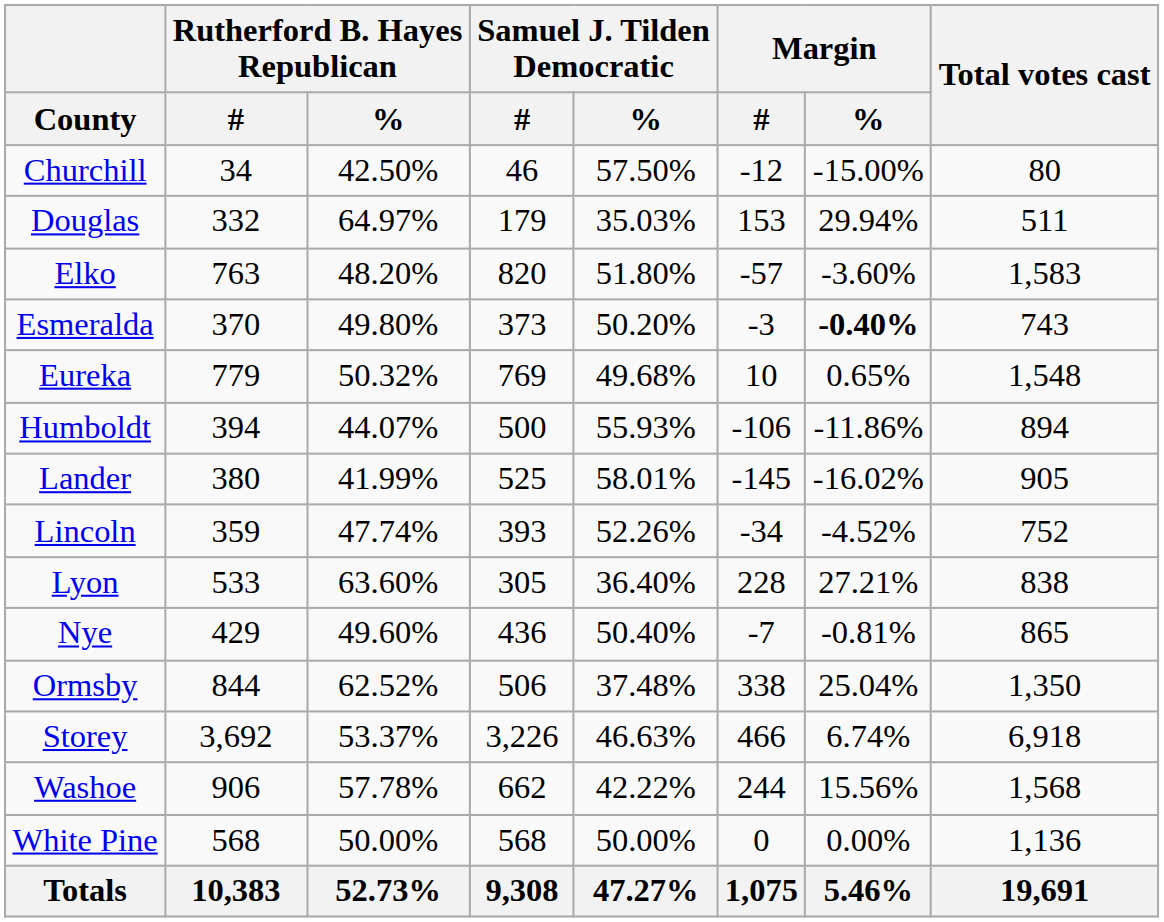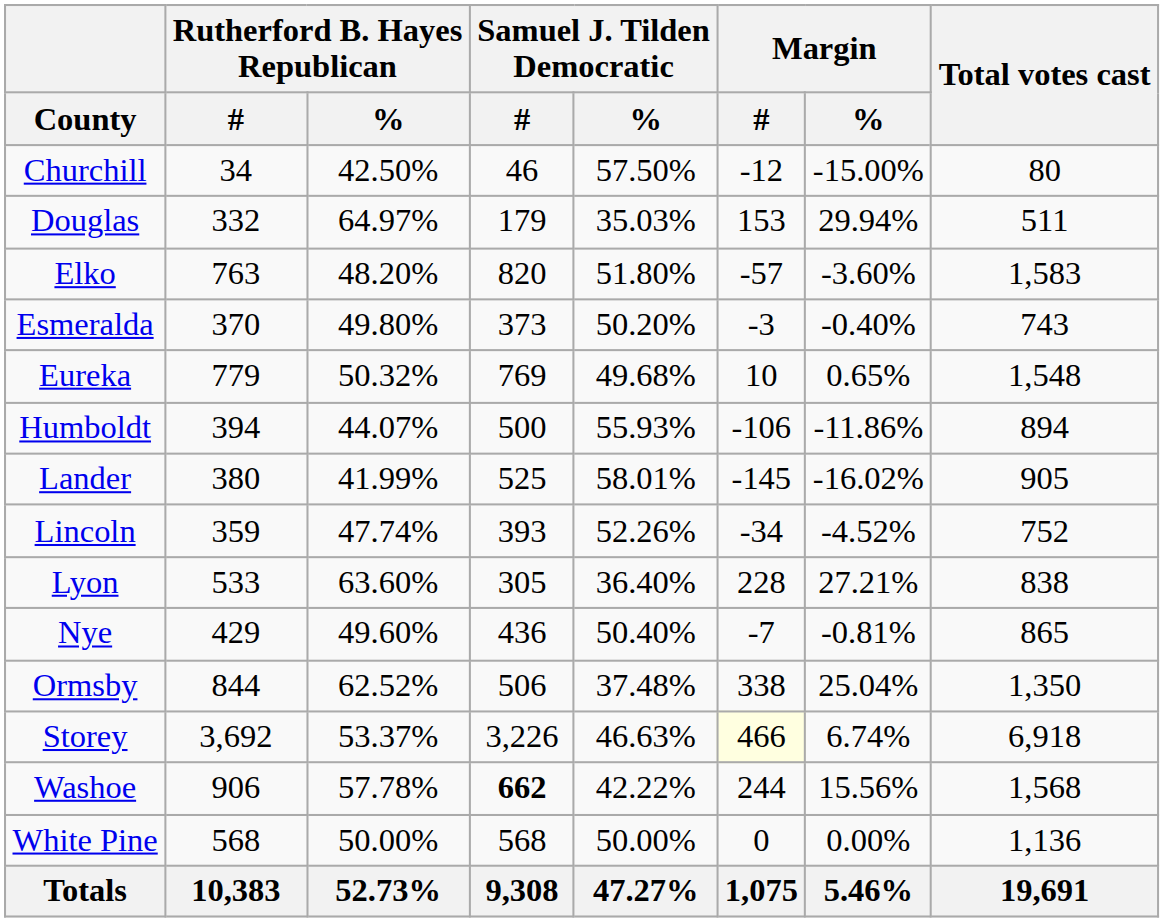 <table class="wikitable sortable" style="text-align:center">
 <tr>
 <th colspan=1></th>
 <th style="text-align:center;" colspan="2">Rutherford B. Hayes<br>Republican</th>
 <th style="text-align:center;" colspan="2">Samuel J. Tilden<br>Democratic</th>
 <th style="text-align:center;" colspan="2">Margin</th>
 <th style="text-align:center;" rowspan="2">Total votes cast</th>
 </tr>
 <tr>
 <th align=center>County</th>
 <th style="text-align:center;" data-sort-type="number">#</th>
 <th style="text-align:center;" data-sort-type="number">%</th>
 <th style="text-align:center;" data-sort-type="number">#</th>
 <th style="text-align:center;" data-sort-type="number">%</th>
 <th style="text-align:center;" data-sort-type="number">#</th>
 <th style="text-align:center;" data-sort-type="number">%</th>
 </tr>
 <tr style="text-align:center;">
 <td><a href='#'>Churchill</a></td>
 <td>34</td>
 <td>42.50%</td>
 <td>46</td>
 <td>57.50%</td>
 <td>-12</td>
 <td>-15.00%</td>
 <td>80</td>
 </tr>
 <tr style="text-align:center;">
 <td><a href='#'>Douglas</a></td>
 <td>332</td>
 <td>64.97%</td>
 <td>179</td>
 <td>35.03%</td>
 <td>153</td>
 <td>29.94%</td>
 <td>511</td>
 </tr>
 <tr style="text-align:center;">
 <td><a href='#'>Elko</a></td>
 <td>763</td>
 <td>48.20%</td>
 <td>820</td>
 <td>51.80%</td>
 <td>-57</td>
 <td>-3.60%</td>
 <td>1,583</td>
 </tr>
 <tr style="text-align:center;">
 <td><a href='#'>Esmeralda</a></td>
 <td>370</td>
 <td>49.80%</td>
 <td>373</td>
 <td>50.20%</td>
 <td>-3</td>
-<td><strong>-0.40%</strong></td>
+<td>-0.40%</td>
 <td>743</td>
 </tr>
 <tr style="text-align:center;">
 <td><a href='#'>Eureka</a></td>
 <td>779</td>
 <td>50.32%</td>
 <td>769</td>
 <td>49.68%</td>
 <td>10</td>
 <td>0.65%</td>
 <td>1,548</td>
 </tr>
 <tr style="text-align:center;">
 <td><a href='#'>Humboldt</a></td>
 <td>394</td>
 <td>44.07%</td>
 <td>500</td>
 <td>55.93%</td>
 <td>-106</td>
 <td>-11.86%</td>
 <td>894</td>
 </tr>
 <tr style="text-align:center;">
 <td><a href='#'>Lander</a></td>
 <td>380</td>
 <td>41.99%</td>
 <td>525</td>
 <td>58.01%</td>
 <td>-145</td>
 <td>-16.02%</td>
 <td>905</td>
 </tr>
 <tr style="text-align:center;">
 <td><a href='#'>Lincoln</a></td>
 <td>359</td>
 <td>47.74%</td>
 <td>393</td>
 <td>52.26%</td>
 <td>-34</td>
 <td>-4.52%</td>
 <td>752</td>
 </tr>
 <tr style="text-align:center;">
 <td><a href='#'>Lyon</a></td>
 <td>533</td>
 <td>63.60%</td>
 <td>305</td>
 <td>36.40%</td>
 <td>228</td>
 <td>27.21%</td>
 <td>838</td>
 </tr>
 <tr style="text-align:center;">
 <td><a href='#'>Nye</a></td>
 <td>429</td>
 <td>49.60%</td>
 <td>436</td>
 <td>50.40%</td>
 <td>-7</td>
 <td>-0.81%</td>
 <td>865</td>
 </tr>
 <tr style="text-align:center;">
 <td><a href='#'>Ormsby</a></td>
 <td>844</td>
 <td>62.52%</td>
 <td>506</td>
 <td>37.48%</td>
 <td>338</td>
 <td>25.04%</td>
 <td>1,350</td>
 </tr>
 <tr style="text-align:center;">
 <td><a href='#'>Storey</a></td>
 <td>3,692</td>
 <td>53.37%</td>
 <td>3,226</td>
 <td>46.63%</td>
-<td>466</td>
+<td style="background: lightyellow;">466</td>
 <td>6.74%</td>
 <td>6,918</td>
 </tr>
 <tr style="text-align:center;">
 <td><a href='#'>Washoe</a></td>
 <td>906</td>
 <td>57.78%</td>
-<td>662</td>
+<td><strong>662</strong></td>
 <td>42.22%</td>
 <td>244</td>
 <td>15.56%</td>
 <td>1,568</td>
 </tr>
 <tr style="text-align:center;">
 <td><a href='#'>White Pine</a></td>
 <td>568</td>
 <td>50.00%</td>
 <td>568</td>
 <td>50.00%</td>
 <td>0</td>
 <td>0.00%</td>
 <td>1,136</td>
 </tr>
 <tr style="text-align:center;">
 <th>Totals</th>
 <th>10,383</th>
 <th>52.73%</th>
 <th>9,308</th>
 <th>47.27%</th>
 <th>1,075</th>
 <th>5.46%</th>
 <th>19,691</th>
 </tr>
 </table>
